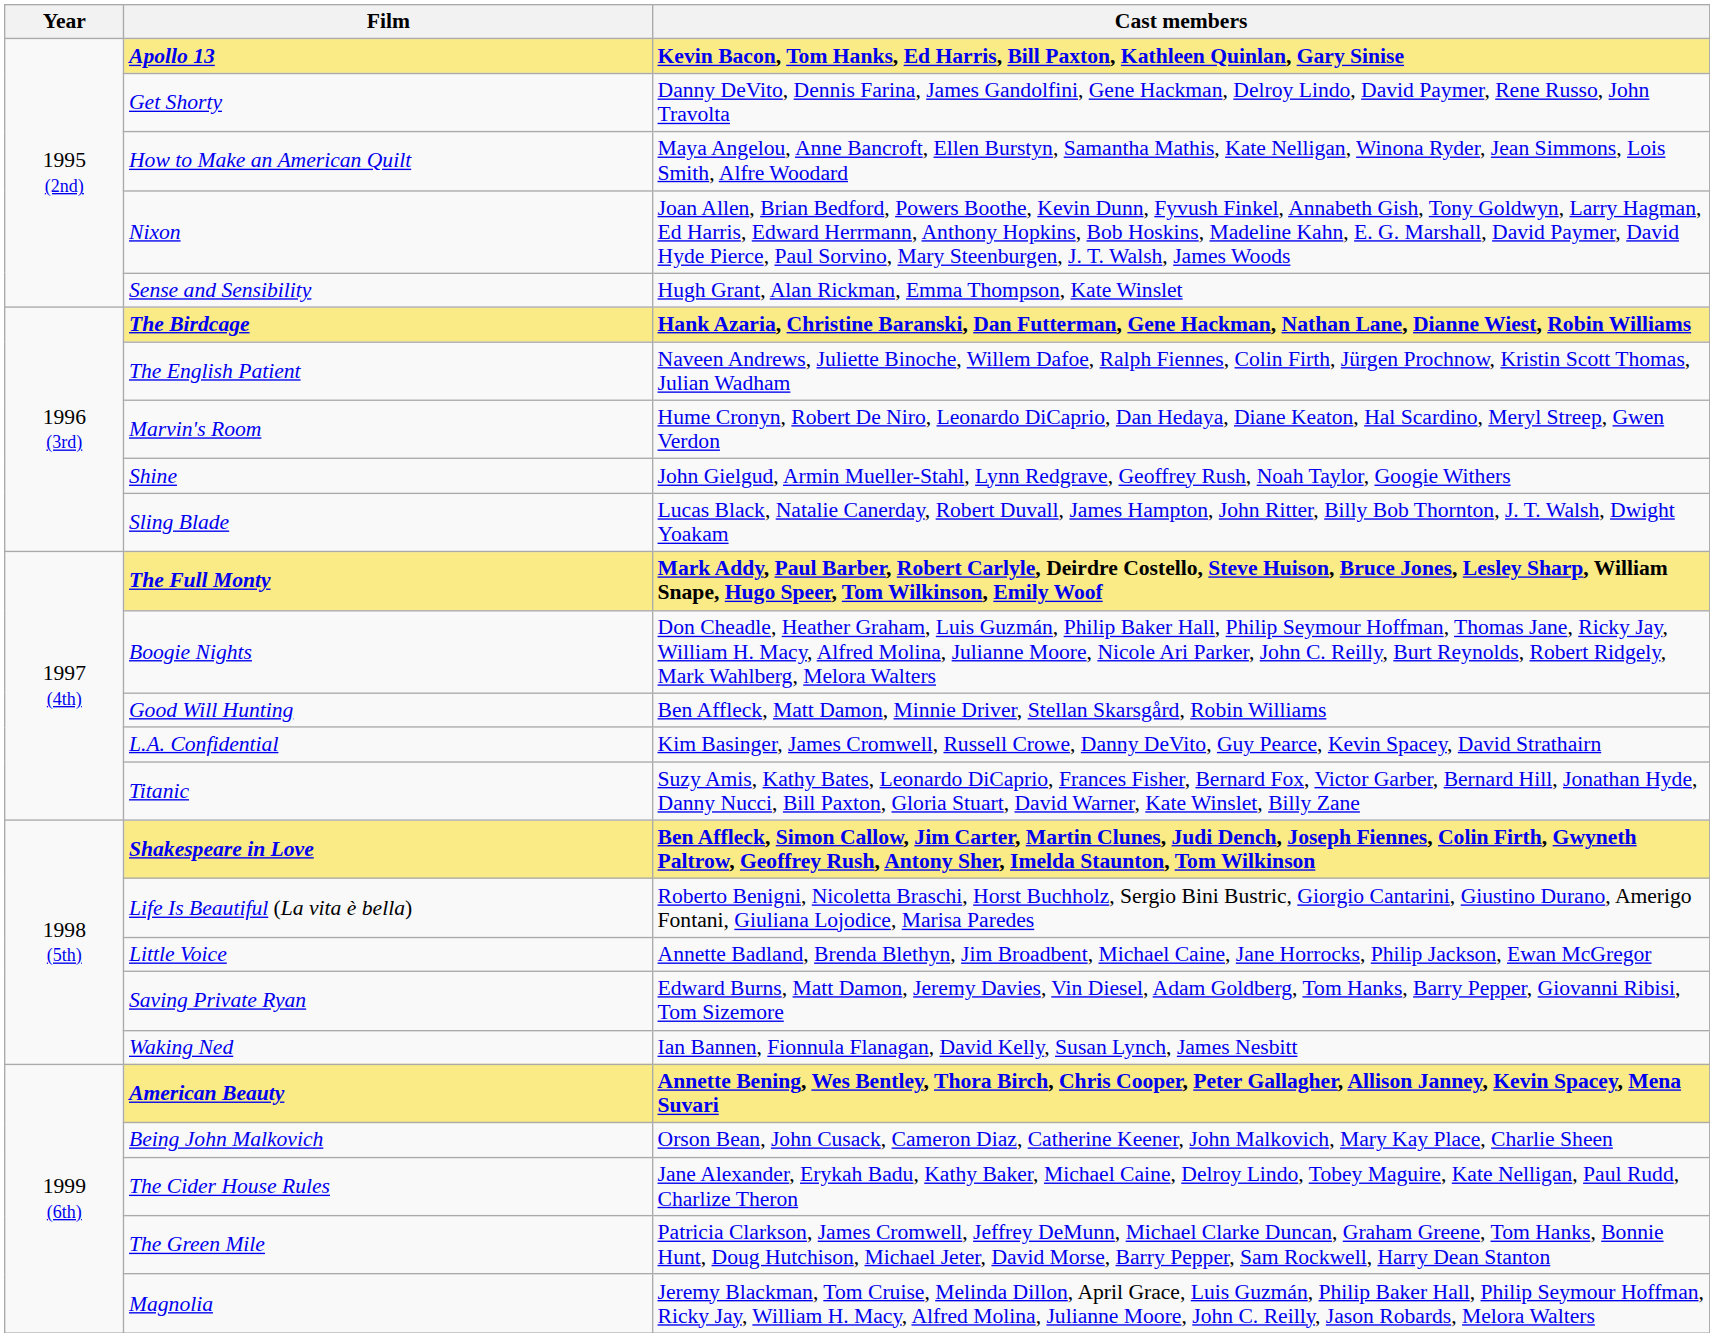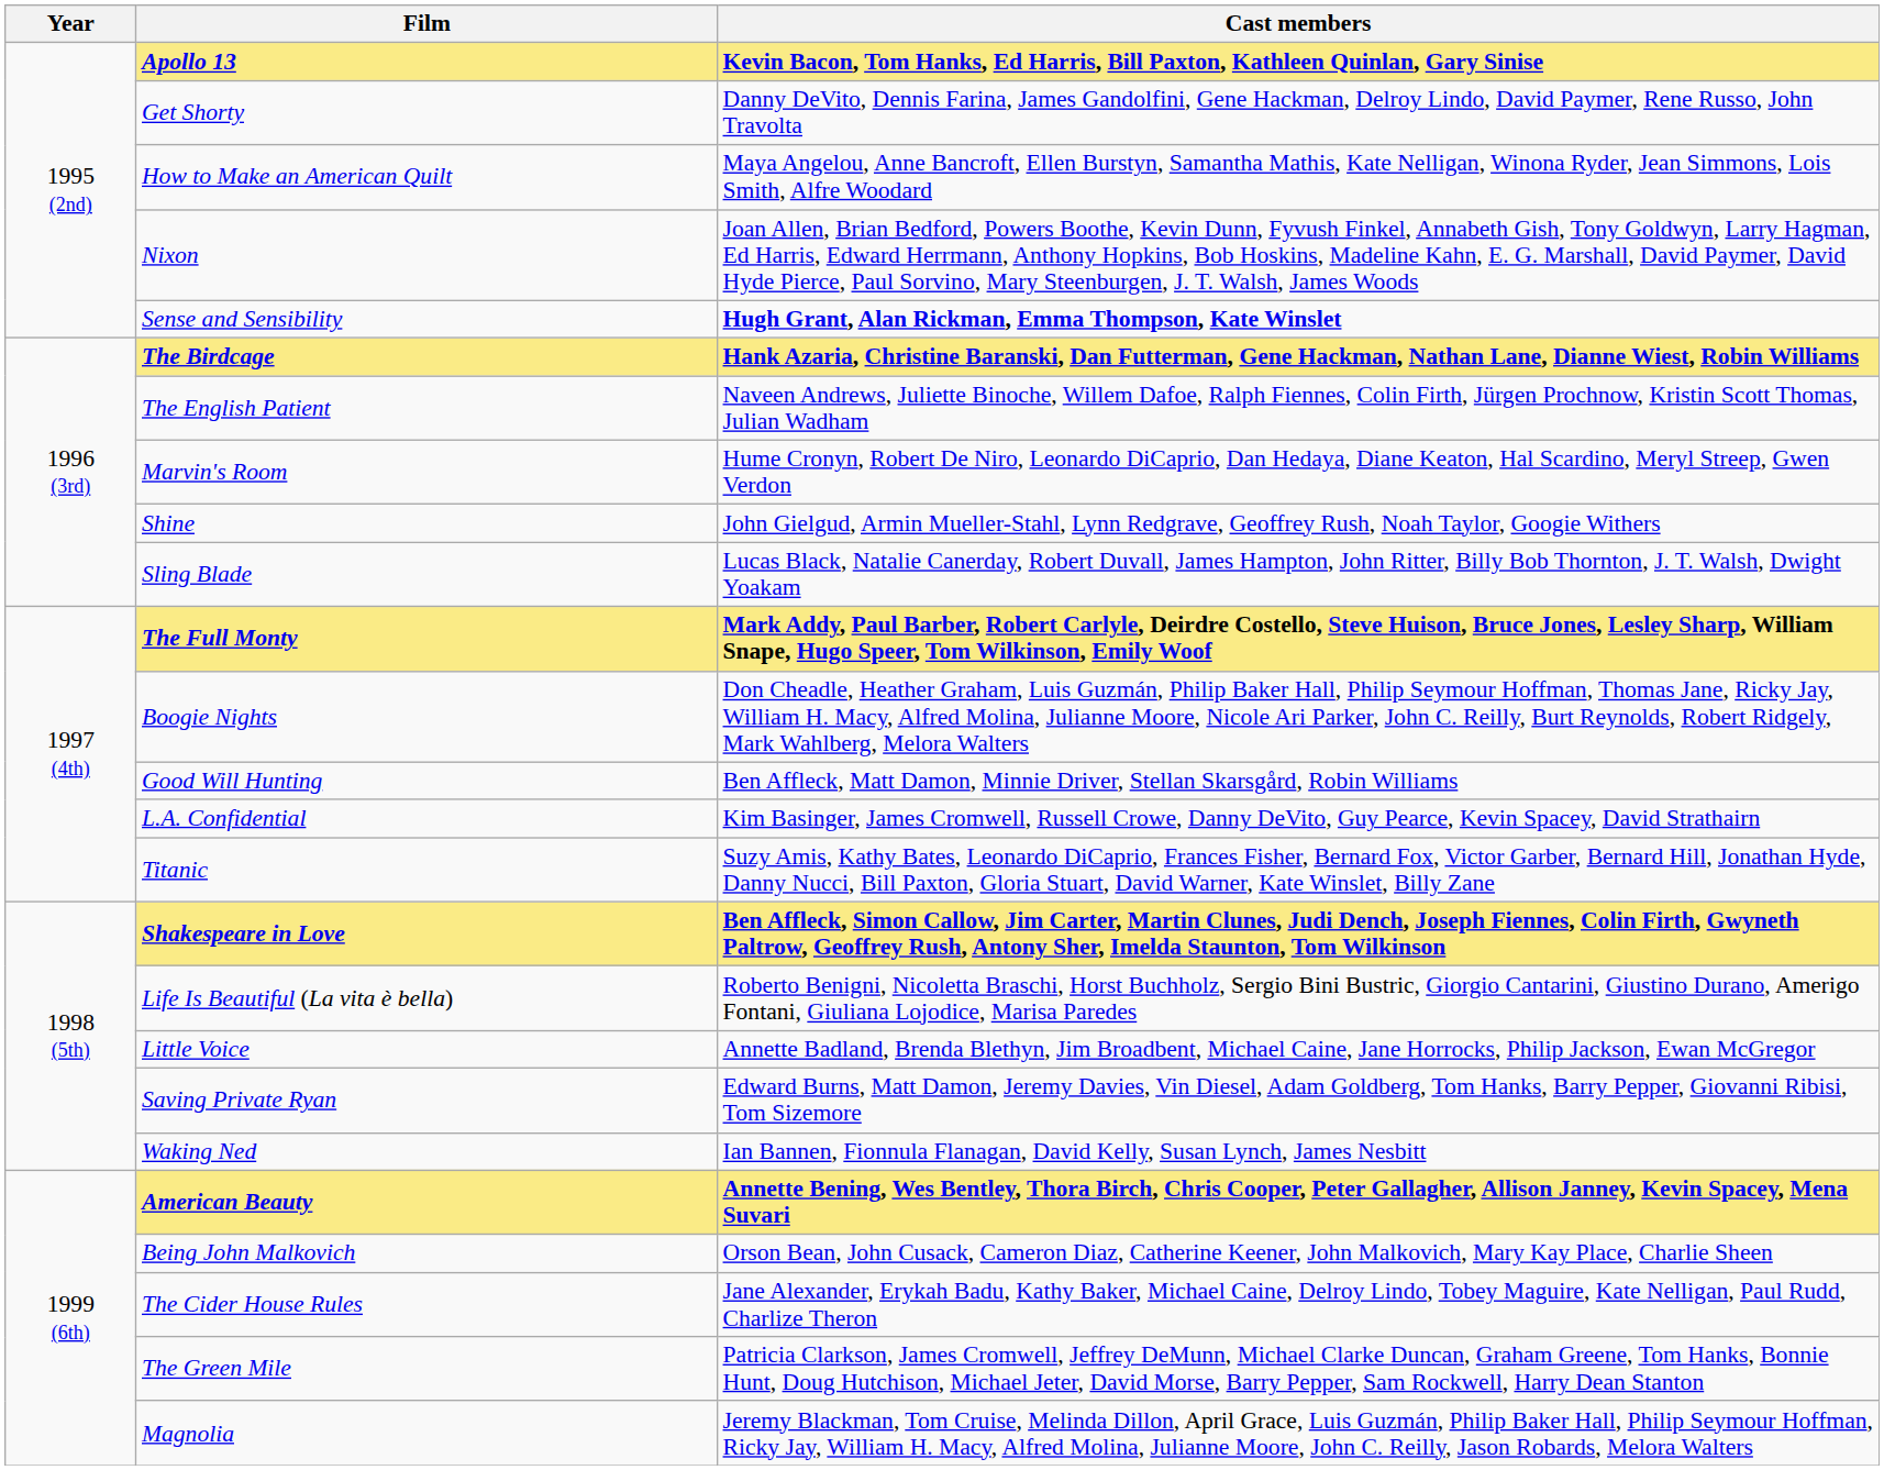 <table class="wikitable" width="100%" cellpadding="5">
 <tr>
 <th width="7%">Year</th>
 <th width="31%">Film</th>
 <th width="62%">Cast members</th>
 </tr>
 <tr>
 <td rowspan="5" align="center">1995<br><small><a href='#'>(2nd)</a> </small></td>
 <td style="background:#FAEB86;"><strong><em><a href='#'>Apollo 13</a></em></strong></td>
 <td style="background:#FAEB86;"><strong><a href='#'>Kevin Bacon</a>, <a href='#'>Tom Hanks</a>, <a href='#'>Ed Harris</a>, <a href='#'>Bill Paxton</a>, <a href='#'>Kathleen Quinlan</a>, <a href='#'>Gary Sinise</a></strong></td>
 </tr>
 <tr>
 <td><em><a href='#'>Get Shorty</a></em></td>
 <td><a href='#'>Danny DeVito</a>, <a href='#'>Dennis Farina</a>, <a href='#'>James Gandolfini</a>, <a href='#'>Gene Hackman</a>, <a href='#'>Delroy Lindo</a>, <a href='#'>David Paymer</a>, <a href='#'>Rene Russo</a>, <a href='#'>John Travolta</a></td>
 </tr>
 <tr>
 <td><em><a href='#'>How to Make an American Quilt</a></em></td>
 <td><a href='#'>Maya Angelou</a>, <a href='#'>Anne Bancroft</a>, <a href='#'>Ellen Burstyn</a>, <a href='#'>Samantha Mathis</a>, <a href='#'>Kate Nelligan</a>, <a href='#'>Winona Ryder</a>, <a href='#'>Jean Simmons</a>, <a href='#'>Lois Smith</a>, <a href='#'>Alfre Woodard</a></td>
 </tr>
 <tr>
 <td><em><a href='#'>Nixon</a></em></td>
 <td><a href='#'>Joan Allen</a>, <a href='#'>Brian Bedford</a>, <a href='#'>Powers Boothe</a>, <a href='#'>Kevin Dunn</a>, <a href='#'>Fyvush Finkel</a>, <a href='#'>Annabeth Gish</a>, <a href='#'>Tony Goldwyn</a>, <a href='#'>Larry Hagman</a>, <a href='#'>Ed Harris</a>, <a href='#'>Edward Herrmann</a>, <a href='#'>Anthony Hopkins</a>, <a href='#'>Bob Hoskins</a>, <a href='#'>Madeline Kahn</a>, <a href='#'>E. G. Marshall</a>, <a href='#'>David Paymer</a>, <a href='#'>David Hyde Pierce</a>, <a href='#'>Paul Sorvino</a>, <a href='#'>Mary Steenburgen</a>, <a href='#'>J. T. Walsh</a>, <a href='#'>James Woods</a></td>
 </tr>
 <tr>
 <td><em><a href='#'>Sense and Sensibility</a></em></td>
-<td><a href='#'>Hugh Grant</a>, <a href='#'>Alan Rickman</a>, <a href='#'>Emma Thompson</a>, <a href='#'>Kate Winslet</a></td>
+<td><strong><a href='#'>Hugh Grant</a>, <a href='#'>Alan Rickman</a>, <a href='#'>Emma Thompson</a>, <a href='#'>Kate Winslet</a></strong></td>
 </tr>
 <tr>
 <td rowspan="5" align="center">1996<br><small><a href='#'>(3rd)</a> </small></td>
 <td style="background:#FAEB86;"><strong><em><a href='#'>The Birdcage</a></em></strong></td>
 <td style="background:#FAEB86;"><strong><a href='#'>Hank Azaria</a>, <a href='#'>Christine Baranski</a>, <a href='#'>Dan Futterman</a>, <a href='#'>Gene Hackman</a>, <a href='#'>Nathan Lane</a>, <a href='#'>Dianne Wiest</a>, <a href='#'>Robin Williams</a></strong></td>
 </tr>
 <tr>
 <td><em><a href='#'>The English Patient</a></em></td>
 <td><a href='#'>Naveen Andrews</a>, <a href='#'>Juliette Binoche</a>, <a href='#'>Willem Dafoe</a>, <a href='#'>Ralph Fiennes</a>, <a href='#'>Colin Firth</a>, <a href='#'>Jürgen Prochnow</a>, <a href='#'>Kristin Scott Thomas</a>, <a href='#'>Julian Wadham</a></td>
 </tr>
 <tr>
 <td><em><a href='#'>Marvin's Room</a></em></td>
 <td><a href='#'>Hume Cronyn</a>, <a href='#'>Robert De Niro</a>, <a href='#'>Leonardo DiCaprio</a>, <a href='#'>Dan Hedaya</a>, <a href='#'>Diane Keaton</a>, <a href='#'>Hal Scardino</a>, <a href='#'>Meryl Streep</a>, <a href='#'>Gwen Verdon</a></td>
 </tr>
 <tr>
 <td><em><a href='#'>Shine</a></em></td>
 <td><a href='#'>John Gielgud</a>, <a href='#'>Armin Mueller-Stahl</a>, <a href='#'>Lynn Redgrave</a>, <a href='#'>Geoffrey Rush</a>, <a href='#'>Noah Taylor</a>, <a href='#'>Googie Withers</a></td>
 </tr>
 <tr>
 <td><em><a href='#'>Sling Blade</a></em></td>
 <td><a href='#'>Lucas Black</a>, <a href='#'>Natalie Canerday</a>, <a href='#'>Robert Duvall</a>, <a href='#'>James Hampton</a>, <a href='#'>John Ritter</a>, <a href='#'>Billy Bob Thornton</a>, <a href='#'>J. T. Walsh</a>, <a href='#'>Dwight Yoakam</a></td>
 </tr>
 <tr>
 <td rowspan="5" align="center">1997<br><small><a href='#'>(4th)</a> </small></td>
 <td style="background:#FAEB86;"><strong><em><a href='#'>The Full Monty</a></em></strong></td>
 <td style="background:#FAEB86;"><strong><a href='#'>Mark Addy</a>, <a href='#'>Paul Barber</a>, <a href='#'>Robert Carlyle</a>, Deirdre Costello, <a href='#'>Steve Huison</a>, <a href='#'>Bruce Jones</a>, <a href='#'>Lesley Sharp</a>, William Snape, <a href='#'>Hugo Speer</a>, <a href='#'>Tom Wilkinson</a>, <a href='#'>Emily Woof</a></strong></td>
 </tr>
 <tr>
 <td><em><a href='#'>Boogie Nights</a></em></td>
 <td><a href='#'>Don Cheadle</a>, <a href='#'>Heather Graham</a>, <a href='#'>Luis Guzmán</a>, <a href='#'>Philip Baker Hall</a>, <a href='#'>Philip Seymour Hoffman</a>, <a href='#'>Thomas Jane</a>, <a href='#'>Ricky Jay</a>, <a href='#'>William H. Macy</a>, <a href='#'>Alfred Molina</a>, <a href='#'>Julianne Moore</a>, <a href='#'>Nicole Ari Parker</a>, <a href='#'>John C. Reilly</a>, <a href='#'>Burt Reynolds</a>, <a href='#'>Robert Ridgely</a>, <a href='#'>Mark Wahlberg</a>, <a href='#'>Melora Walters</a></td>
 </tr>
 <tr>
 <td><em><a href='#'>Good Will Hunting</a></em></td>
 <td><a href='#'>Ben Affleck</a>, <a href='#'>Matt Damon</a>, <a href='#'>Minnie Driver</a>, <a href='#'>Stellan Skarsgård</a>, <a href='#'>Robin Williams</a></td>
 </tr>
 <tr>
 <td><em><a href='#'>L.A. Confidential</a></em></td>
 <td><a href='#'>Kim Basinger</a>, <a href='#'>James Cromwell</a>, <a href='#'>Russell Crowe</a>, <a href='#'>Danny DeVito</a>, <a href='#'>Guy Pearce</a>, <a href='#'>Kevin Spacey</a>, <a href='#'>David Strathairn</a></td>
 </tr>
 <tr>
 <td><em><a href='#'>Titanic</a></em></td>
 <td><a href='#'>Suzy Amis</a>, <a href='#'>Kathy Bates</a>, <a href='#'>Leonardo DiCaprio</a>, <a href='#'>Frances Fisher</a>, <a href='#'>Bernard Fox</a>, <a href='#'>Victor Garber</a>, <a href='#'>Bernard Hill</a>, <a href='#'>Jonathan Hyde</a>, <a href='#'>Danny Nucci</a>, <a href='#'>Bill Paxton</a>, <a href='#'>Gloria Stuart</a>, <a href='#'>David Warner</a>, <a href='#'>Kate Winslet</a>, <a href='#'>Billy Zane</a></td>
 </tr>
 <tr>
 <td rowspan="5" align="center">1998<br><small><a href='#'>(5th)</a> </small></td>
 <td style="background:#FAEB86;"><strong><em><a href='#'>Shakespeare in Love</a></em></strong></td>
 <td style="background:#FAEB86;"><strong><a href='#'>Ben Affleck</a>, <a href='#'>Simon Callow</a>, <a href='#'>Jim Carter</a>, <a href='#'>Martin Clunes</a>, <a href='#'>Judi Dench</a>, <a href='#'>Joseph Fiennes</a>, <a href='#'>Colin Firth</a>, <a href='#'>Gwyneth Paltrow</a>, <a href='#'>Geoffrey Rush</a>, <a href='#'>Antony Sher</a>, <a href='#'>Imelda Staunton</a>, <a href='#'>Tom Wilkinson</a></strong></td>
 </tr>
 <tr>
 <td><em><a href='#'>Life Is Beautiful</a></em> (<em>La vita è bella</em>)</td>
 <td><a href='#'>Roberto Benigni</a>, <a href='#'>Nicoletta Braschi</a>, <a href='#'>Horst Buchholz</a>, Sergio Bini Bustric, <a href='#'>Giorgio Cantarini</a>, <a href='#'>Giustino Durano</a>, Amerigo Fontani, <a href='#'>Giuliana Lojodice</a>, <a href='#'>Marisa Paredes</a></td>
 </tr>
 <tr>
 <td><em><a href='#'>Little Voice</a></em></td>
 <td><a href='#'>Annette Badland</a>, <a href='#'>Brenda Blethyn</a>, <a href='#'>Jim Broadbent</a>, <a href='#'>Michael Caine</a>, <a href='#'>Jane Horrocks</a>, <a href='#'>Philip Jackson</a>, <a href='#'>Ewan McGregor</a></td>
 </tr>
 <tr>
 <td><em><a href='#'>Saving Private Ryan</a></em></td>
 <td><a href='#'>Edward Burns</a>, <a href='#'>Matt Damon</a>, <a href='#'>Jeremy Davies</a>, <a href='#'>Vin Diesel</a>, <a href='#'>Adam Goldberg</a>, <a href='#'>Tom Hanks</a>, <a href='#'>Barry Pepper</a>, <a href='#'>Giovanni Ribisi</a>, <a href='#'>Tom Sizemore</a></td>
 </tr>
 <tr>
 <td><em><a href='#'>Waking Ned</a></em></td>
 <td><a href='#'>Ian Bannen</a>, <a href='#'>Fionnula Flanagan</a>, <a href='#'>David Kelly</a>, <a href='#'>Susan Lynch</a>, <a href='#'>James Nesbitt</a></td>
 </tr>
 <tr>
 <td rowspan="5" align="center">1999<br><small><a href='#'>(6th)</a> </small></td>
 <td style="background:#FAEB86;"><strong><em><a href='#'>American Beauty</a></em></strong></td>
 <td style="background:#FAEB86;"><strong><a href='#'>Annette Bening</a>, <a href='#'>Wes Bentley</a>, <a href='#'>Thora Birch</a>, <a href='#'>Chris Cooper</a>, <a href='#'>Peter Gallagher</a>, <a href='#'>Allison Janney</a>, <a href='#'>Kevin Spacey</a>, <a href='#'>Mena Suvari</a></strong></td>
 </tr>
 <tr>
 <td><em><a href='#'>Being John Malkovich</a></em></td>
 <td><a href='#'>Orson Bean</a>, <a href='#'>John Cusack</a>, <a href='#'>Cameron Diaz</a>, <a href='#'>Catherine Keener</a>, <a href='#'>John Malkovich</a>, <a href='#'>Mary Kay Place</a>, <a href='#'>Charlie Sheen</a></td>
 </tr>
 <tr>
 <td><em><a href='#'>The Cider House Rules</a></em></td>
 <td><a href='#'>Jane Alexander</a>, <a href='#'>Erykah Badu</a>, <a href='#'>Kathy Baker</a>, <a href='#'>Michael Caine</a>, <a href='#'>Delroy Lindo</a>, <a href='#'>Tobey Maguire</a>, <a href='#'>Kate Nelligan</a>, <a href='#'>Paul Rudd</a>, <a href='#'>Charlize Theron</a></td>
 </tr>
 <tr>
 <td><em><a href='#'>The Green Mile</a></em></td>
 <td><a href='#'>Patricia Clarkson</a>, <a href='#'>James Cromwell</a>, <a href='#'>Jeffrey DeMunn</a>, <a href='#'>Michael Clarke Duncan</a>, <a href='#'>Graham Greene</a>, <a href='#'>Tom Hanks</a>, <a href='#'>Bonnie Hunt</a>, <a href='#'>Doug Hutchison</a>, <a href='#'>Michael Jeter</a>, <a href='#'>David Morse</a>, <a href='#'>Barry Pepper</a>, <a href='#'>Sam Rockwell</a>, <a href='#'>Harry Dean Stanton</a></td>
 </tr>
 <tr>
 <td><em><a href='#'>Magnolia</a></em></td>
 <td><a href='#'>Jeremy Blackman</a>, <a href='#'>Tom Cruise</a>, <a href='#'>Melinda Dillon</a>, April Grace, <a href='#'>Luis Guzmán</a>, <a href='#'>Philip Baker Hall</a>, <a href='#'>Philip Seymour Hoffman</a>, <a href='#'>Ricky Jay</a>, <a href='#'>William H. Macy</a>, <a href='#'>Alfred Molina</a>, <a href='#'>Julianne Moore</a>, <a href='#'>John C. Reilly</a>, <a href='#'>Jason Robards</a>, <a href='#'>Melora Walters</a></td>
 </tr>
 </table>
